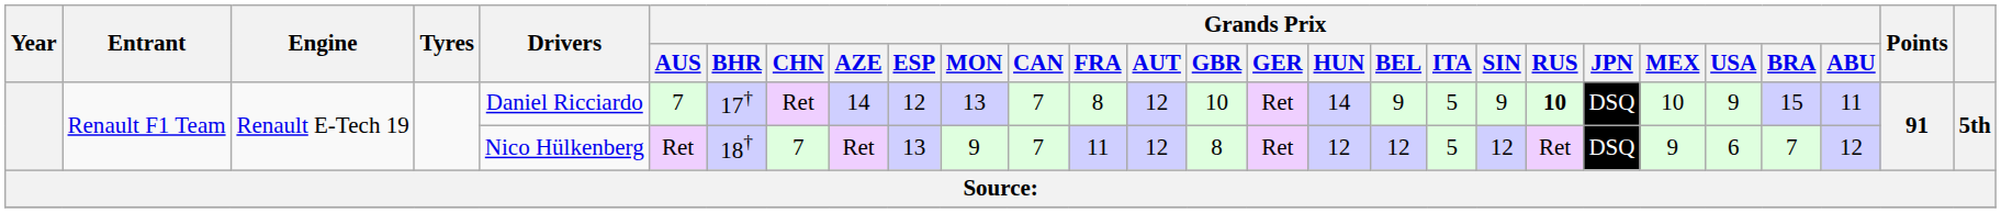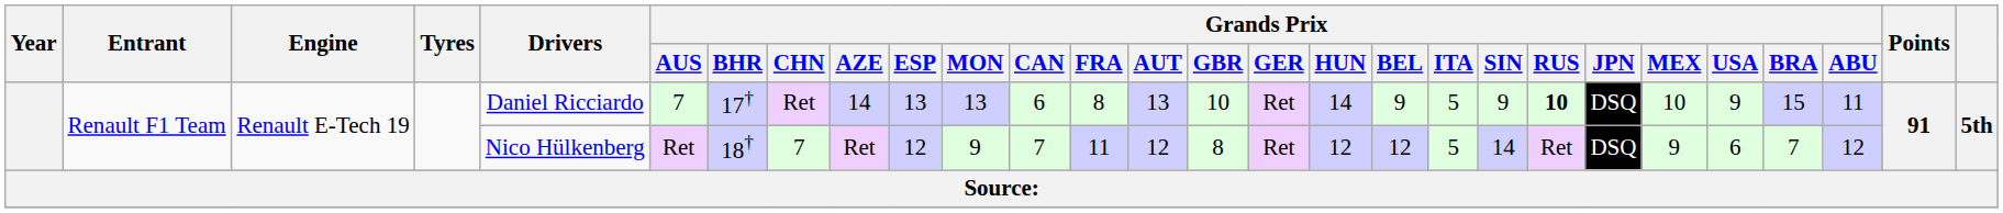 <table class="wikitable" style="text-align:center; font-size:90%">
 <tr>
 <th rowspan="2">Year</th>
 <th rowspan="2">Entrant</th>
 <th rowspan="2">Engine</th>
 <th rowspan="2">Tyres</th>
 <th rowspan="2">Drivers</th>
 <th colspan="21">Grands Prix</th>
 <th rowspan="2">Points</th>
 <th rowspan="2"></th>
 </tr>
 <tr>
 <th><a href='#'>AUS</a></th>
 <th><a href='#'>BHR</a></th>
 <th><a href='#'>CHN</a></th>
 <th><a href='#'>AZE</a></th>
 <th><a href='#'>ESP</a></th>
 <th><a href='#'>MON</a></th>
 <th><a href='#'>CAN</a></th>
 <th><a href='#'>FRA</a></th>
 <th><a href='#'>AUT</a></th>
 <th><a href='#'>GBR</a></th>
 <th><a href='#'>GER</a></th>
 <th><a href='#'>HUN</a></th>
 <th><a href='#'>BEL</a></th>
 <th><a href='#'>ITA</a></th>
 <th><a href='#'>SIN</a></th>
 <th><a href='#'>RUS</a></th>
 <th><a href='#'>JPN</a></th>
 <th><a href='#'>MEX</a></th>
 <th><a href='#'>USA</a></th>
 <th><a href='#'>BRA</a></th>
 <th><a href='#'>ABU</a></th>
 </tr>
 <tr>
 <th rowspan="2"></th>
 <td rowspan="2"><a href='#'>Renault F1 Team</a></td>
 <td rowspan="2"><a href='#'>Renault</a> E-Tech 19</td>
 <td rowspan="2"></td>
 <td><a href='#'>Daniel Ricciardo</a></td>
 <td style="background:#DFFFDF;">7</td>
 <td style="background:#CFCFFF;">17<sup>†</sup></td>
 <td style="background:#EFCFFF;">Ret</td>
 <td style="background:#CFCFFF;">14</td>
-<td style="background:#CFCFFF;">12</td>
 <td style="background:#CFCFFF;">13</td>
-<td style="background:#DFFFDF;">7</td>
+<td style="background:#CFCFFF;">13</td>
+<td style="background:#DFFFDF;">6</td>
 <td style="background:#DFFFDF;">8</td>
-<td style="background:#CFCFFF;">12</td>
+<td style="background:#CFCFFF;">13</td>
 <td style="background:#DFFFDF;">10</td>
 <td style="background:#EFCFFF;">Ret</td>
 <td style="background:#CFCFFF;">14</td>
 <td style="background:#DFFFDF;">9</td>
 <td style="background:#DFFFDF;">5</td>
 <td style="background:#DFFFDF;">9</td>
 <td style="background:#dfffdf;"><strong>10</strong></td>
 <td style="background:#000000; color:white">DSQ</td>
 <td style="background:#DFFFDF;">10</td>
 <td style="background:#DFFFDF;">9</td>
 <td style="background:#CFCFFF;">15</td>
 <td style="background:#CFCFFF;">11</td>
 <th rowspan="2">91</th>
 <th rowspan="2">5th</th>
 </tr>
 <tr>
 <td><a href='#'>Nico Hülkenberg</a></td>
 <td style="background:#EFCFFF;">Ret</td>
 <td style="background:#CFCFFF;">18<sup>†</sup></td>
 <td style="background:#DFFFDF;">7</td>
 <td style="background:#EFCFFF;">Ret</td>
-<td style="background:#CFCFFF;">13</td>
+<td style="background:#CFCFFF;">12</td>
 <td style="background:#DFFFDF;">9</td>
 <td style="background:#DFFFDF;">7</td>
 <td style="background:#CFCFFF;">11</td>
 <td style="background:#CFCFFF;">12</td>
 <td style="background:#DFFFDF;">8</td>
 <td style="background:#EFCFFF;">Ret</td>
 <td style="background:#CFCFFF;">12</td>
 <td style="background:#CFCFFF;">12</td>
 <td style="background:#DFFFDF;">5</td>
-<td style="background:#CFCFFF;">12</td>
+<td style="background:#CFCFFF;">14</td>
 <td style="background:#EFCFFF;">Ret</td>
 <td style="background:#000000; color:white">DSQ</td>
 <td style="background:#DFFFDF;">9</td>
 <td style="background:#DFFFDF;">6</td>
 <td style="background:#DFFFDF;">7</td>
 <td style="background:#CFCFFF;">12</td>
 </tr>
 <tr>
 <th colspan="28">Source:</th>
 </tr>
 <tr>
 </tr>
 </table>
